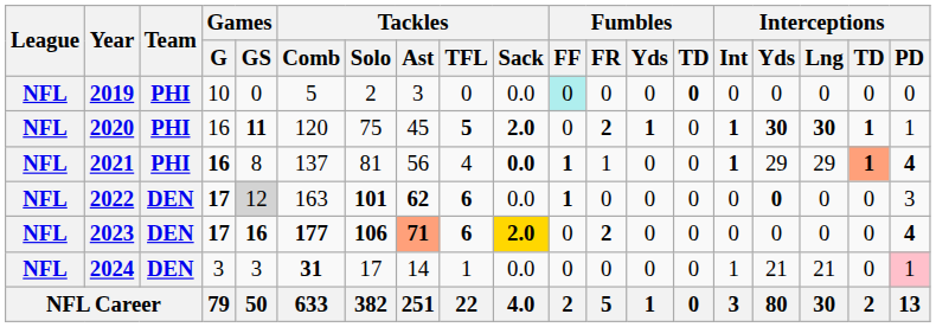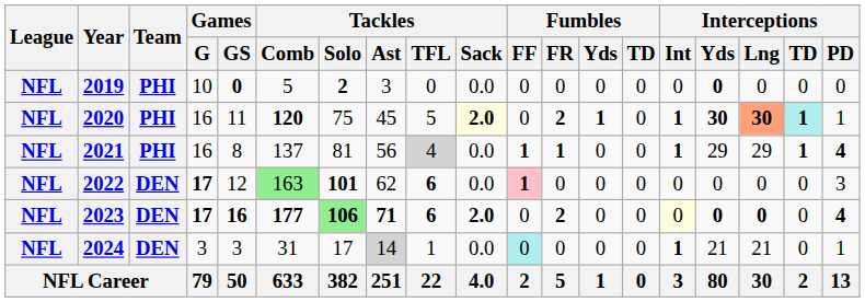 <table class="wikitable" style="text-align: center;">
 <tr>
 <th rowspan="2">League</th>
 <th rowspan="2">Year</th>
 <th rowspan="2">Team</th>
 <th colspan="2">Games</th>
 <th colspan="5">Tackles</th>
 <th colspan="4">Fumbles</th>
 <th colspan="5">Interceptions</th>
 </tr>
 <tr>
 <th>G</th>
 <th>GS</th>
 <th>Comb</th>
 <th>Solo</th>
 <th>Ast</th>
 <th>TFL</th>
 <th>Sack</th>
 <th>FF</th>
 <th>FR</th>
 <th>Yds</th>
 <th>TD</th>
 <th>Int</th>
 <th>Yds</th>
 <th>Lng</th>
 <th>TD</th>
 <th>PD</th>
 </tr>
 <tr>
 <th><a href='#'>NFL</a></th>
 <th><a href='#'>2019</a></th>
 <th><a href='#'>PHI</a></th>
 <td>10</td>
-<td>0</td>
+<td><strong>0</strong></td>
 <td>5</td>
-<td>2</td>
+<td><strong>2</strong></td>
 <td>3</td>
 <td>0</td>
 <td>0.0</td>
-<td style="background: paleturquoise;">0</td>
+<td>0</td>
+<td>0</td>
+<td>0</td>
 <td>0</td>
 <td>0</td>
 <td><strong>0</strong></td>
-<td>0</td>
-<td>0</td>
 <td>0</td>
 <td>0</td>
 <td>0</td>
 </tr>
 <tr>
 <th><a href='#'>NFL</a></th>
 <th><a href='#'>2020</a></th>
 <th><a href='#'>PHI</a></th>
 <td>16</td>
-<td><strong>11</strong></td>
-<td>120</td>
+<td>11</td>
+<td><strong>120</strong></td>
 <td>75</td>
 <td>45</td>
-<td><strong>5</strong></td>
-<td><strong>2.0</strong></td>
+<td>5</td>
+<td style="background: lightyellow;"><strong>2.0</strong></td>
 <td>0</td>
 <td><strong>2</strong></td>
 <td><strong>1</strong></td>
 <td>0</td>
 <td><strong>1</strong></td>
 <td><strong>30</strong></td>
-<td><strong>30</strong></td>
-<td><strong>1</strong></td>
+<td style="background: lightsalmon;"><strong>30</strong></td>
+<td style="background: paleturquoise;"><strong>1</strong></td>
 <td>1</td>
 </tr>
 <tr>
 <th><a href='#'>NFL</a></th>
 <th><a href='#'>2021</a></th>
 <th><a href='#'>PHI</a></th>
-<td><strong>16</strong></td>
+<td>16</td>
 <td>8</td>
 <td>137</td>
 <td>81</td>
 <td>56</td>
-<td>4</td>
-<td><strong>0.0</strong></td>
+<td style="background: lightgrey;">4</td>
+<td>0.0</td>
 <td><strong>1</strong></td>
-<td>1</td>
+<td><strong>1</strong></td>
 <td>0</td>
 <td>0</td>
 <td><strong>1</strong></td>
 <td>29</td>
 <td>29</td>
-<td style="background: lightsalmon;"><strong>1</strong></td>
+<td><strong>1</strong></td>
 <td><strong>4</strong></td>
 </tr>
 <tr>
 <th><a href='#'>NFL</a></th>
 <th><a href='#'>2022</a></th>
 <th><a href='#'>DEN</a></th>
 <td><strong>17</strong></td>
-<td style="background: lightgrey;">12</td>
-<td>163</td>
+<td>12</td>
+<td style="background: lightgreen;">163</td>
 <td><strong>101</strong></td>
-<td><strong>62</strong></td>
+<td>62</td>
 <td><strong>6</strong></td>
 <td>0.0</td>
-<td><strong>1</strong></td>
+<td style="background: pink;"><strong>1</strong></td>
 <td>0</td>
 <td>0</td>
 <td>0</td>
 <td>0</td>
-<td><strong>0</strong></td>
+<td>0</td>
 <td>0</td>
 <td>0</td>
 <td>3</td>
 </tr>
 <tr>
 <th><a href='#'>NFL</a></th>
 <th><a href='#'>2023</a></th>
 <th><a href='#'>DEN</a></th>
 <td><strong>17</strong></td>
 <td><strong>16</strong></td>
 <td><strong>177</strong></td>
-<td><strong>106</strong></td>
-<td style="background: lightsalmon;"><strong>71</strong></td>
+<td style="background: lightgreen;"><strong>106</strong></td>
+<td><strong>71</strong></td>
 <td><strong>6</strong></td>
-<td style="background: gold;"><strong>2.0</strong></td>
+<td><strong>2.0</strong></td>
 <td>0</td>
 <td><strong>2</strong></td>
 <td>0</td>
 <td>0</td>
-<td>0</td>
-<td>0</td>
-<td>0</td>
+<td style="background: lightyellow;">0</td>
+<td><strong>0</strong></td>
+<td><strong>0</strong></td>
 <td>0</td>
 <td><strong>4</strong></td>
 </tr>
 <tr>
 <th><a href='#'>NFL</a></th>
 <th><a href='#'>2024</a></th>
 <th><a href='#'>DEN</a></th>
 <td>3</td>
 <td>3</td>
-<td><strong>31</strong></td>
+<td>31</td>
 <td>17</td>
-<td>14</td>
+<td style="background: lightgrey;">14</td>
 <td>1</td>
 <td>0.0</td>
+<td style="background: paleturquoise;">0</td>
 <td>0</td>
 <td>0</td>
 <td>0</td>
-<td>0</td>
-<td>1</td>
+<td><strong>1</strong></td>
 <td>21</td>
 <td>21</td>
 <td>0</td>
-<td style="background: pink;">1</td>
+<td>1</td>
 </tr>
 <tr>
 <th colspan="3">NFL Career</th>
 <th>79</th>
 <th>50</th>
 <th>633</th>
 <th>382</th>
 <th>251</th>
 <th>22</th>
 <th>4.0</th>
 <th>2</th>
 <th>5</th>
 <th>1</th>
 <th>0</th>
 <th>3</th>
 <th>80</th>
 <th>30</th>
 <th>2</th>
 <th>13</th>
 </tr>
 </table>
